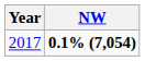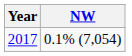 <table class="wikitable">
 <tr>
 <th>Year</th>
 <th><a href='#'>NW</a></th>
 </tr>
 <tr>
 <td><a href='#'>2017</a></td>
-<td><strong>0.1% (7,054)</strong></td>
+<td>0.1% (7,054)</td>
 </tr>
 </table>
